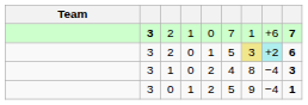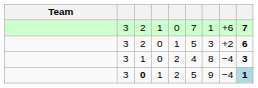 <table class="wikitable" style="text-align:center;">
 <tr>
 <th width=175>Team</th>
 <th width=20></th>
 <th width=20></th>
 <th width=20></th>
 <th width=20></th>
 <th width=20></th>
 <th width=20></th>
 <th width=20></th>
 <th width=20></th>
 </tr>
 <tr bgcolor=ccffcc>
 <td align="left"></td>
-<td><strong>3</strong></td>
+<td>3</td>
 <td>2</td>
 <td>1</td>
 <td>0</td>
 <td>7</td>
 <td>1</td>
 <td>+6</td>
 <td><strong>7</strong></td>
 </tr>
 <tr>
 <td align="left"></td>
 <td>3</td>
 <td>2</td>
 <td>0</td>
 <td>1</td>
 <td>5</td>
-<td style="background: khaki;">3</td>
-<td style="background: paleturquoise;">+2</td>
+<td>3</td>
+<td>+2</td>
 <td><strong>6</strong></td>
 </tr>
 <tr>
 <td align="left"></td>
 <td>3</td>
 <td>1</td>
 <td>0</td>
 <td>2</td>
 <td>4</td>
 <td>8</td>
 <td>−4</td>
 <td><strong>3</strong></td>
 </tr>
 <tr>
 <td align="left"></td>
 <td>3</td>
-<td>0</td>
+<td><strong>0</strong></td>
 <td>1</td>
 <td>2</td>
 <td>5</td>
 <td>9</td>
 <td>−4</td>
-<td><strong>1</strong></td>
+<td style="background: lightblue;"><strong>1</strong></td>
 </tr>
 </table>
